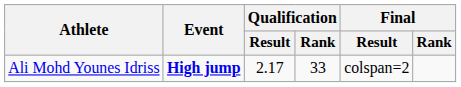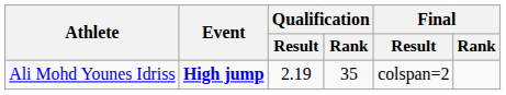 <table class="wikitable" style="font-size:90%">
 <tr>
 <th rowspan="2">Athlete</th>
 <th rowspan="2">Event</th>
 <th colspan="2">Qualification</th>
 <th colspan="2">Final</th>
 </tr>
 <tr style="font-size:95%">
 <th>Result</th>
 <th>Rank</th>
 <th>Result</th>
 <th>Rank</th>
 </tr>
 <tr style=text-align:center>
 <td style=text-align:left><a href='#'>Ali Mohd Younes Idriss</a></td>
 <td style=text-align:left><strong><a href='#'>High jump</a></strong></td>
-<td>2.17</td>
-<td>33</td>
+<td>2.19</td>
+<td>35</td>
 <td>colspan=2 </td>
 </tr>
 </table>
